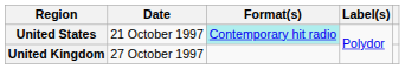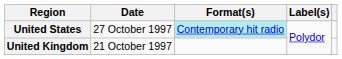 <table class="wikitable plainrowheaders">
 <tr>
 <th scope="col">Region</th>
 <th scope="col">Date</th>
 <th scope="col">Format(s)</th>
 <th scope="col">Label(s)</th>
 <th scope="col"></th>
 </tr>
 <tr>
 <th scope="row">United States</th>
-<td>21 October 1997</td>
+<td>27 October 1997</td>
 <td style="background: paleturquoise;"><a href='#'>Contemporary hit radio</a></td>
 <td rowspan="2"><a href='#'>Polydor</a></td>
 <td></td>
 </tr>
 <tr>
 <th scope="row">United Kingdom</th>
-<td>27 October 1997</td>
+<td>21 October 1997</td>
 <td></td>
 <td></td>
 </tr>
 </table>
